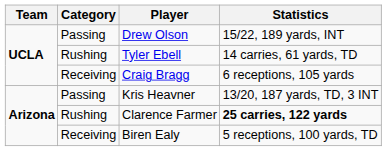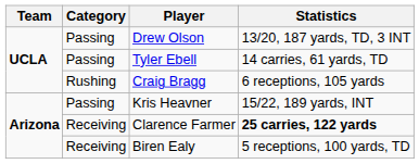 <table class="wikitable" style="float: right;">
 <tr>
 <th>Team</th>
 <th>Category</th>
 <th>Player</th>
 <th>Statistics</th>
 </tr>
 <tr>
 <td rowspan=3><strong>UCLA</strong></td>
 <td>Passing</td>
 <td><a href='#'>Drew Olson</a></td>
-<td>15/22, 189 yards, INT</td>
+<td>13/20, 187 yards, TD, 3 INT</td>
 </tr>
 <tr>
-<td>Rushing</td>
+<td>Passing</td>
 <td><a href='#'>Tyler Ebell</a></td>
 <td>14 carries, 61 yards, TD</td>
 </tr>
 <tr>
-<td>Receiving</td>
+<td>Rushing</td>
 <td><a href='#'>Craig Bragg</a></td>
 <td>6 receptions, 105 yards</td>
 </tr>
 <tr>
 <td rowspan=3><strong>Arizona</strong></td>
 <td>Passing</td>
 <td>Kris Heavner</td>
-<td>13/20, 187 yards, TD, 3 INT</td>
+<td>15/22, 189 yards, INT</td>
 </tr>
 <tr>
-<td>Rushing</td>
+<td>Receiving</td>
 <td>Clarence Farmer</td>
 <td><strong>25 carries, 122 yards</strong></td>
 </tr>
 <tr>
 <td>Receiving</td>
 <td>Biren Ealy</td>
 <td>5 receptions, 100 yards, TD</td>
 </tr>
 </table>
